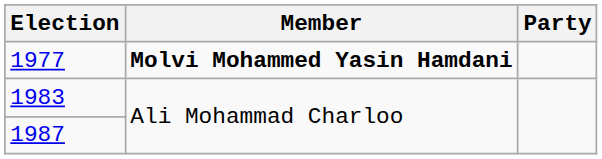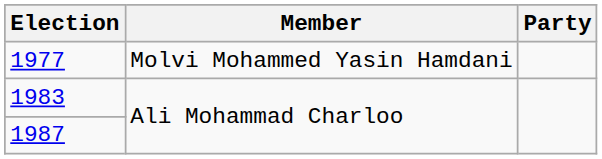 <table class="wikitable sortable">
 <tr>
 <th>Election</th>
 <th>Member</th>
 <th colspan=2>Party</th>
 </tr>
 <tr>
 <td><a href='#'>1977</a></td>
-<td><strong>Molvi Mohammed Yasin Hamdani</strong></td>
+<td>Molvi Mohammed Yasin Hamdani</td>
 <td></td>
 </tr>
 <tr>
 <td><a href='#'>1983</a></td>
 <td rowspan=2>Ali Mohammad Charloo</td>
 </tr>
 <tr>
 <td><a href='#'>1987</a></td>
 </tr>
 </table>
